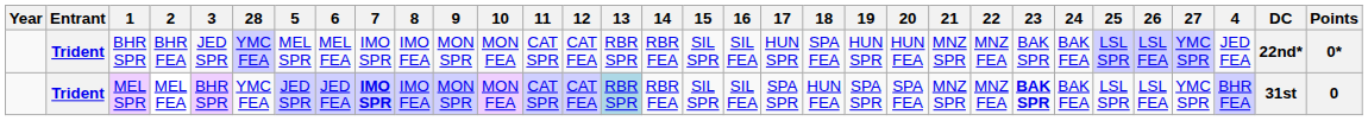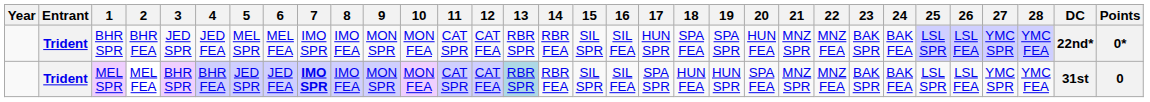 <table class="wikitable" style="text-align:center; font-size:85%;">
 <tr>
 <th scope="col">Year</th>
 <th scope="col">Entrant</th>
 <th scope="col">1</th>
 <th scope="col">2</th>
 <th scope="col">3</th>
-<th scope="col">28</th>
+<th scope="col">4</th>
 <th scope="col">5</th>
 <th scope="col">6</th>
 <th scope="col">7</th>
 <th scope="col">8</th>
 <th scope="col">9</th>
 <th scope="col">10</th>
 <th scope="col">11</th>
 <th scope="col">12</th>
 <th scope="col">13</th>
 <th scope="col">14</th>
 <th scope="col">15</th>
 <th scope="col">16</th>
 <th scope="col">17</th>
 <th scope="col">18</th>
 <th scope="col">19</th>
 <th scope="col">20</th>
 <th scope="col">21</th>
 <th scope="col">22</th>
 <th scope="col">23</th>
 <th scope="col">24</th>
 <th scope="col">25</th>
 <th scope="col">26</th>
 <th scope="col">27</th>
-<th scope="col">4</th>
+<th scope="col">28</th>
 <th scope="col">DC</th>
 <th scope="col">Points</th>
 </tr>
 <tr>
 <td scope="row"></td>
 <th><a href='#'>Trident</a></th>
 <td><a href='#'>BHR<br>SPR</a></td>
 <td><a href='#'>BHR<br>FEA</a></td>
 <td><a href='#'>JED<br>SPR</a></td>
-<td style="background:#CFCFFF;"><a href='#'>YMC<br>FEA</a><br></td>
+<td><a href='#'>JED<br>FEA</a></td>
 <td><a href='#'>MEL<br>SPR</a></td>
 <td><a href='#'>MEL<br>FEA</a></td>
 <td><a href='#'>IMO<br>SPR</a></td>
 <td><a href='#'>IMO<br>FEA</a></td>
 <td><a href='#'>MON<br>SPR</a></td>
 <td><a href='#'>MON<br>FEA</a></td>
 <td><a href='#'>CAT<br>SPR</a></td>
 <td><a href='#'>CAT<br>FEA</a></td>
 <td><a href='#'>RBR<br>SPR</a></td>
 <td><a href='#'>RBR<br>FEA</a></td>
 <td><a href='#'>SIL<br>SPR</a></td>
 <td><a href='#'>SIL<br>FEA</a></td>
 <td><a href='#'>HUN<br>SPR</a></td>
 <td><a href='#'>SPA<br>FEA</a></td>
-<td><a href='#'>HUN<br>SPR</a></td>
+<td><a href='#'>SPA<br>SPR</a></td>
 <td><a href='#'>HUN<br>FEA</a></td>
 <td><a href='#'>MNZ<br>SPR</a></td>
 <td><a href='#'>MNZ<br>FEA</a></td>
 <td><a href='#'>BAK<br>SPR</a></td>
 <td><a href='#'>BAK<br>FEA</a></td>
 <td style="background:#CFCFFF;"><a href='#'>LSL<br>SPR</a><br></td>
 <td style="background:#CFCFFF;"><a href='#'>LSL<br>FEA</a><br></td>
 <td style="background:#CFCFFF;"><a href='#'>YMC<br>SPR</a><br></td>
-<td><a href='#'>JED<br>FEA</a></td>
+<td style="background:#CFCFFF;"><a href='#'>YMC<br>FEA</a><br></td>
 <th>22nd*</th>
 <th>0*</th>
 </tr>
 <tr>
 <td scope="row"></td>
 <th nowrap><a href='#'>Trident</a></th>
 <td style="background:#EFCFFF;"><a href='#'>MEL<br>SPR</a><br></td>
 <td style="background:#FFFFFF;"><a href='#'>MEL<br>FEA</a><br></td>
 <td style="background:#EFCFFF;"><a href='#'>BHR<br>SPR</a><br></td>
-<td><a href='#'>YMC<br>FEA</a></td>
+<td style="background:#CFCFFF;"><a href='#'>BHR<br>FEA</a><br></td>
 <td style="background:#CFCFFF;"><a href='#'>JED<br>SPR</a><br></td>
 <td style="background:#CFCFFF;"><a href='#'>JED<br>FEA</a><br></td>
 <td style="background:#CFCFFF;"><strong><a href='#'>IMO<br>SPR</a><br></strong></td>
 <td style="background:#CFCFFF;"><a href='#'>IMO<br>FEA</a><br></td>
 <td style="background:#CFCFFF;"><a href='#'>MON<br>SPR</a><br></td>
 <td style="background:#EFCFFF;"><a href='#'>MON<br>FEA</a><br></td>
 <td style="background:#CFCFFF;"><a href='#'>CAT<br>SPR</a><br></td>
 <td style="background:#CFCFFF;"><a href='#'>CAT<br>FEA</a><br></td>
 <td style="background: lightblue;"><a href='#'>RBR<br>SPR</a></td>
 <td><a href='#'>RBR<br>FEA</a></td>
 <td><a href='#'>SIL<br>SPR</a></td>
 <td><a href='#'>SIL<br>FEA</a></td>
 <td><a href='#'>SPA<br>SPR</a></td>
 <td><a href='#'>HUN<br>FEA</a></td>
-<td><a href='#'>SPA<br>SPR</a></td>
+<td><a href='#'>HUN<br>SPR</a></td>
 <td><a href='#'>SPA<br>FEA</a></td>
 <td><a href='#'>MNZ<br>SPR</a></td>
 <td><a href='#'>MNZ<br>FEA</a></td>
-<td><strong><a href='#'>BAK<br>SPR</a></strong></td>
+<td><a href='#'>BAK<br>SPR</a></td>
 <td><a href='#'>BAK<br>FEA</a></td>
 <td><a href='#'>LSL<br>SPR</a></td>
 <td><a href='#'>LSL<br>FEA</a></td>
 <td><a href='#'>YMC<br>SPR</a></td>
-<td style="background:#CFCFFF;"><a href='#'>BHR<br>FEA</a><br></td>
+<td><a href='#'>YMC<br>FEA</a></td>
 <th>31st</th>
 <th>0</th>
 </tr>
 </table>
